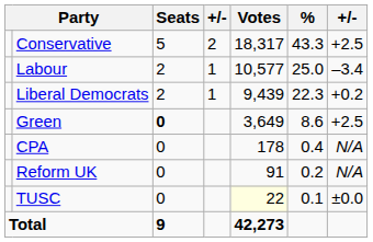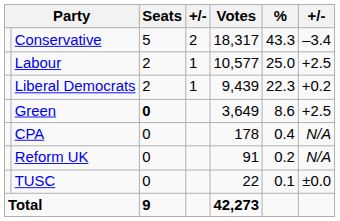 <table class="wikitable sortable">
 <tr>
 <th colspan="2">Party</th>
 <th>Seats</th>
 <th>+/-</th>
 <th>Votes</th>
 <th>%</th>
 <th>+/-</th>
 </tr>
 <tr>
 <td style="background-color: "></td>
 <td><a href='#'>Conservative</a></td>
 <td>5</td>
 <td> 2</td>
 <td style="text-align:right;">18,317</td>
 <td style="text-align:right;">43.3</td>
-<td style="text-align:right;">+2.5</td>
+<td style="text-align:right;">–3.4</td>
 </tr>
 <tr>
 <td style="background-color: "></td>
 <td><a href='#'>Labour</a></td>
 <td>2</td>
 <td> 1</td>
 <td style="text-align:right;">10,577</td>
 <td style="text-align:right;">25.0</td>
-<td style="text-align:right;">–3.4</td>
+<td style="text-align:right;">+2.5</td>
 </tr>
 <tr>
 <td style="background-color: "></td>
 <td><a href='#'>Liberal Democrats</a></td>
 <td>2</td>
 <td> 1</td>
 <td style="text-align:right;">9,439</td>
 <td style="text-align:right;">22.3</td>
 <td style="text-align:right;">+0.2</td>
 </tr>
 <tr>
 <td style="background-color: "></td>
 <td><a href='#'>Green</a></td>
 <td><strong>0</strong></td>
 <td></td>
 <td style="text-align:right;">3,649</td>
 <td style="text-align:right;">8.6</td>
 <td style="text-align:right;">+2.5</td>
 </tr>
 <tr>
 <td style="background-color: "></td>
 <td><a href='#'>CPA</a></td>
 <td>0</td>
 <td></td>
 <td style="text-align:right;">178</td>
 <td style="text-align:right;">0.4</td>
 <td style="text-align:right;"><em>N/A</em></td>
 </tr>
 <tr>
 <td style="background-color: "></td>
 <td><a href='#'>Reform UK</a></td>
 <td>0</td>
 <td></td>
 <td style="text-align:right;">91</td>
 <td style="text-align:right;">0.2</td>
 <td style="text-align:right;"><em>N/A</em></td>
 </tr>
 <tr>
 <td style="background-color: "></td>
 <td><a href='#'>TUSC</a></td>
 <td>0</td>
 <td></td>
-<td style="background: lightyellow; text-align:right;">22</td>
+<td style="text-align:right;">22</td>
 <td style="text-align:right;">0.1</td>
 <td style="text-align:right;">±0.0</td>
 </tr>
 <tr>
 <td colspan="2"><strong>Total</strong></td>
 <td><strong>9</strong></td>
 <td></td>
 <td style="text-align:right;"><strong>42,273</strong></td>
 <td style="text-align:right;"></td>
 <td style="text-align:right;"></td>
 </tr>
 </table>
